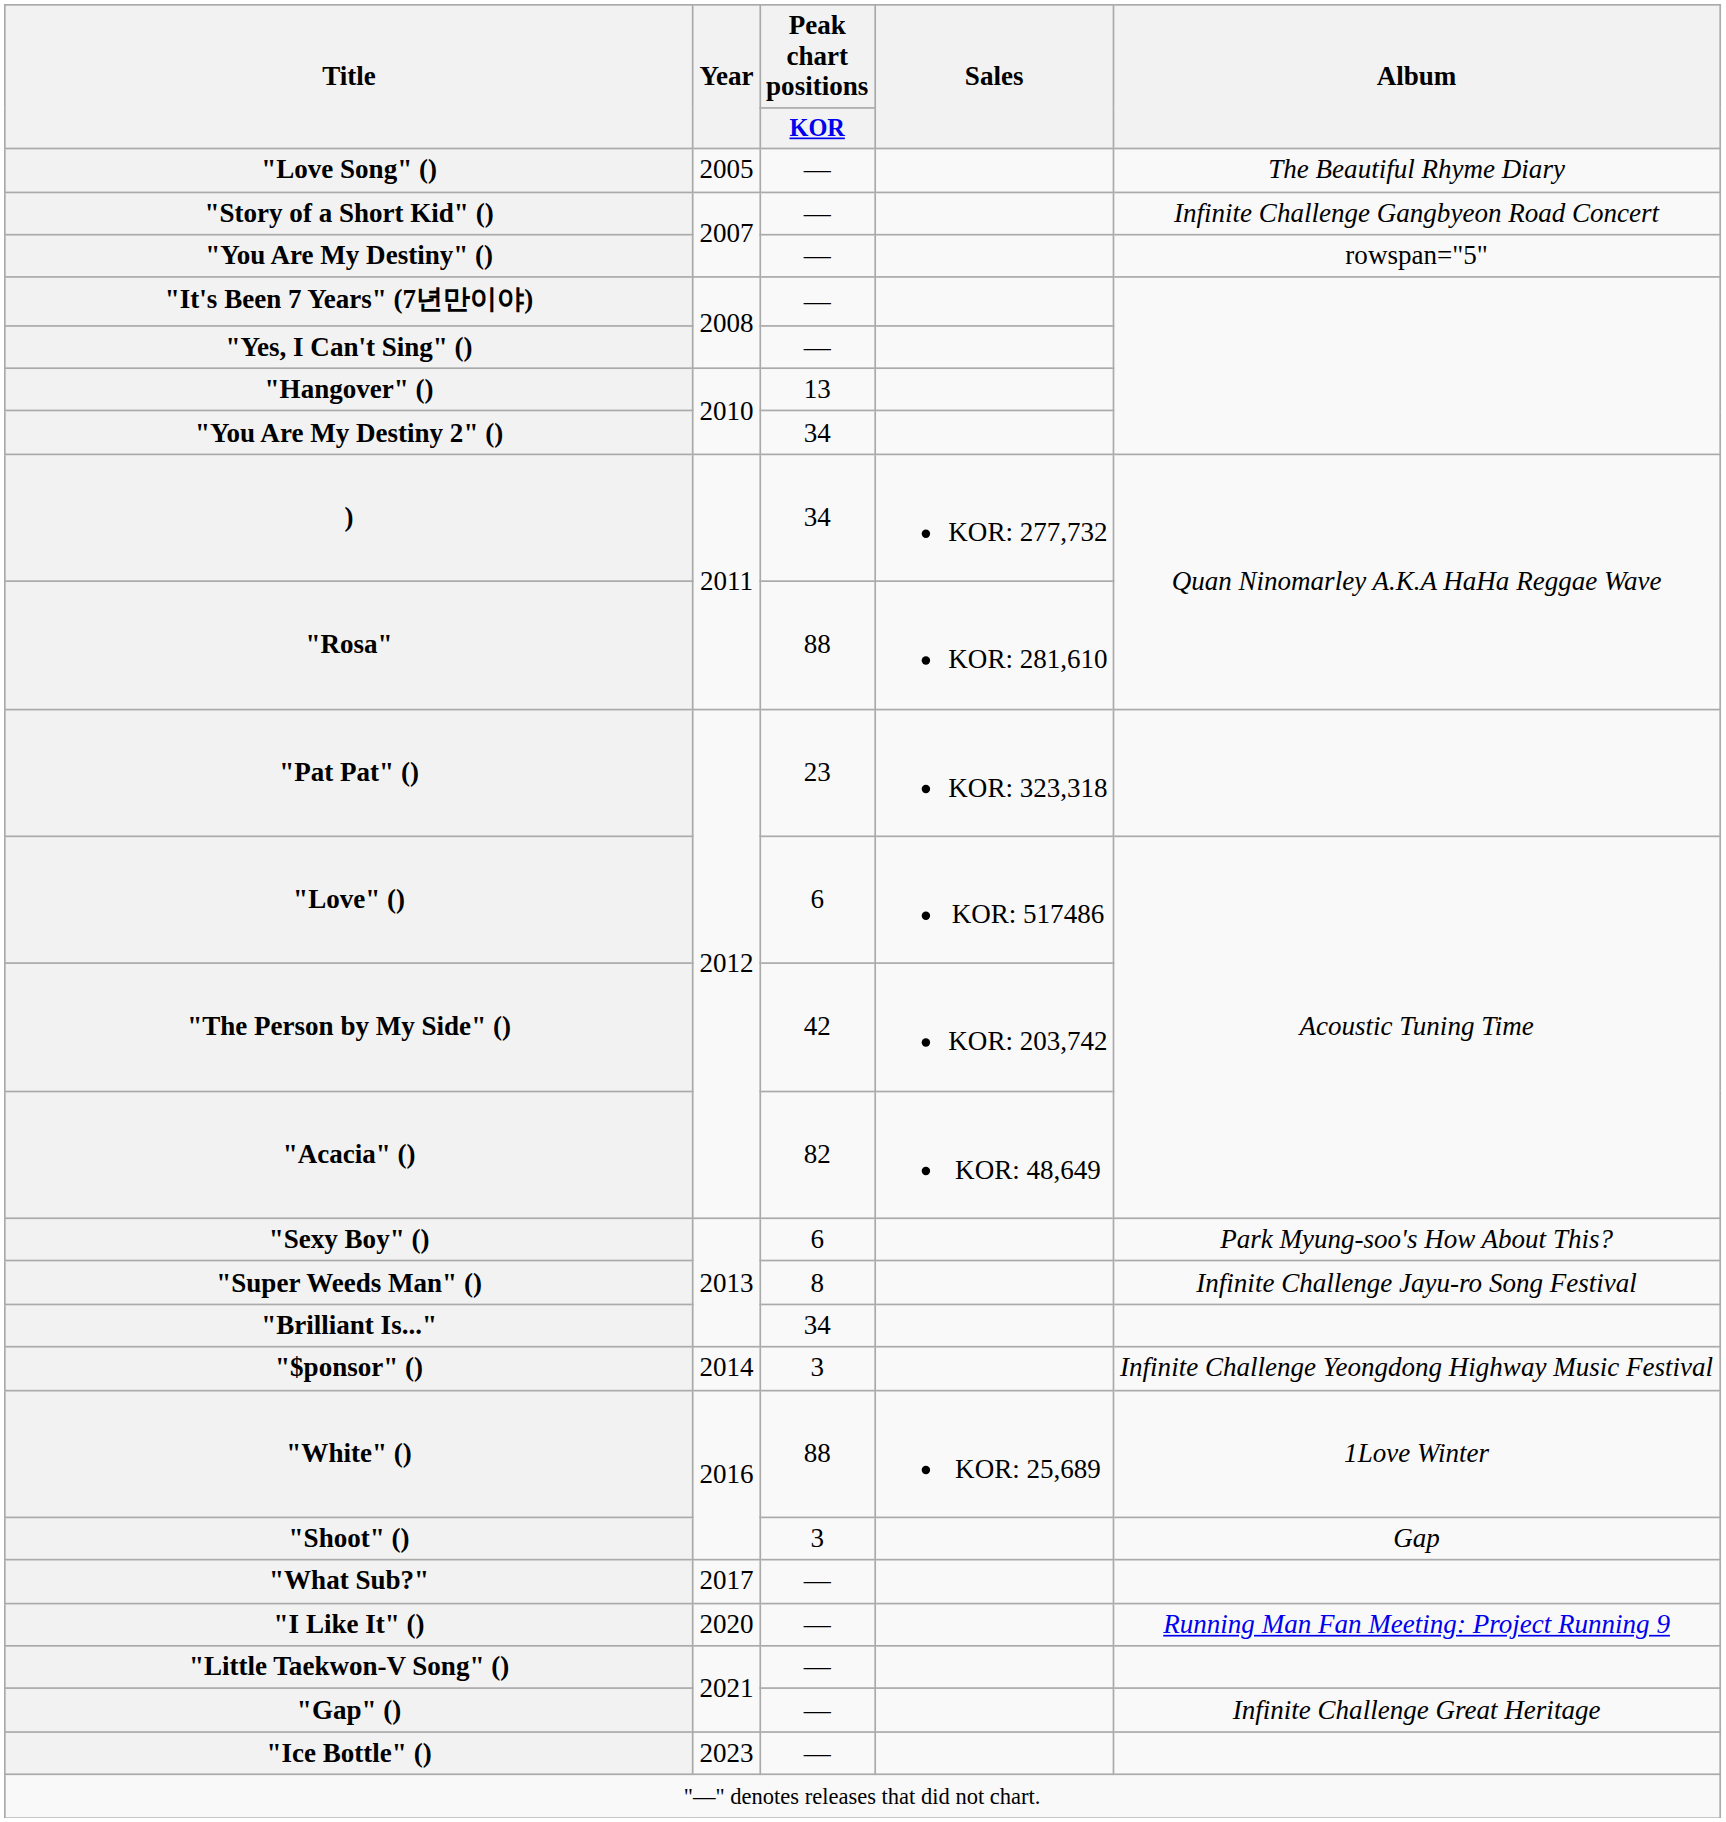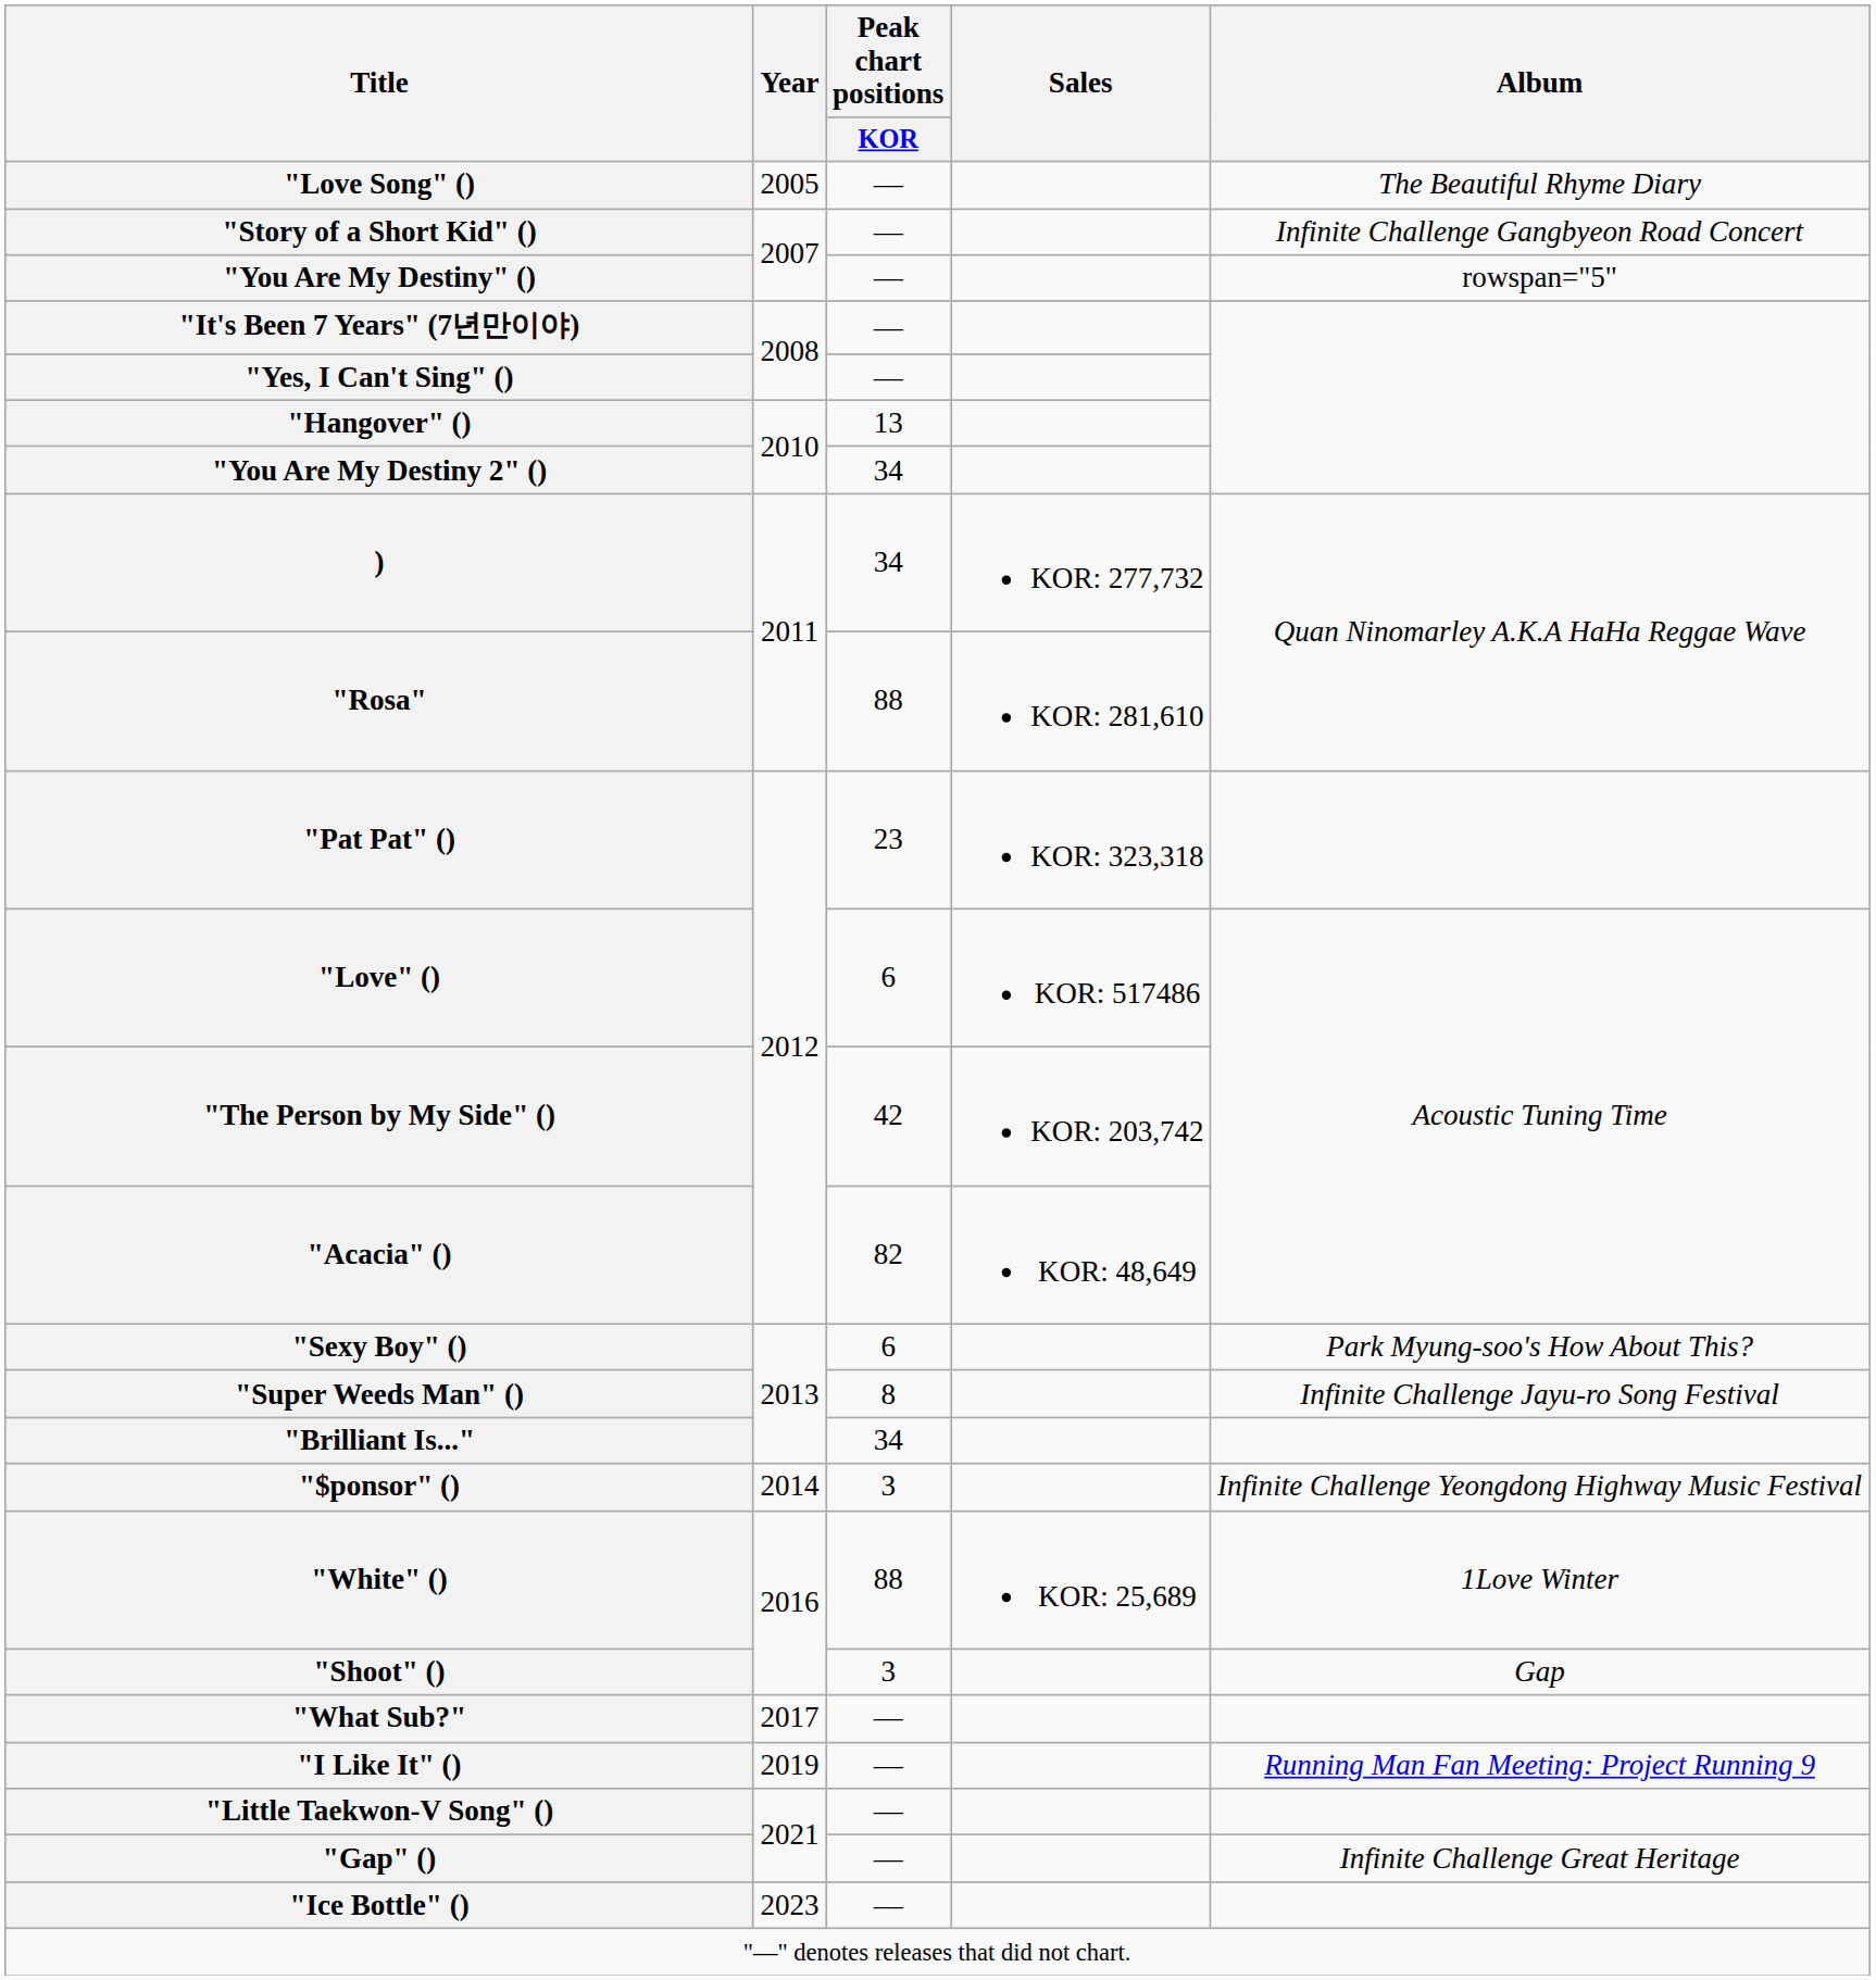 <table class="wikitable plainrowheaders" style="text-align:center;">
 <tr>
 <th scope="col" rowspan="2" style="width:25em;">Title</th>
 <th scope="col" rowspan="2">Year</th>
 <th scope="col">Peak chart positions</th>
 <th scope="col" rowspan="2">Sales</th>
 <th scope="col" rowspan="2">Album</th>
 </tr>
 <tr>
 <th scope="col" style="width:2.5em;font-size:90%;"><a href='#'>KOR</a><br></th>
 </tr>
 <tr>
 <th scope="row">"Love Song" ()</th>
 <td>2005</td>
 <td>—</td>
 <td></td>
 <td><em>The Beautiful Rhyme Diary</em></td>
 </tr>
 <tr>
 <th scope="row">"Story of a Short Kid" ()</th>
 <td rowspan="2">2007</td>
 <td>—</td>
 <td></td>
 <td><em>Infinite Challenge Gangbyeon Road Concert</em></td>
 </tr>
 <tr>
 <th scope="row">"You Are My Destiny" ()</th>
 <td>—</td>
 <td></td>
 <td>rowspan="5" </td>
 </tr>
 <tr>
 <th scope="row">"It's Been 7 Years" (7년만이야) </th>
 <td rowspan="2">2008</td>
 <td>—</td>
 <td></td>
 </tr>
 <tr>
 <th scope="row">"Yes, I Can't Sing" ()</th>
 <td>—</td>
 <td></td>
 </tr>
 <tr>
 <th scope="row">"Hangover" () </th>
 <td rowspan="2">2010</td>
 <td>13</td>
 <td></td>
 </tr>
 <tr>
 <th scope="row">"You Are My Destiny 2" ()</th>
 <td>34</td>
 <td></td>
 </tr>
 <tr>
 <th scope="row">) </th>
 <td rowspan="2">2011</td>
 <td>34</td>
 <td><br><ul><li>KOR: 277,732</li></ul></td>
 <td rowspan="2"><em>Quan Ninomarley A.K.A HaHa Reggae Wave</em></td>
 </tr>
 <tr>
 <th scope="row">"Rosa"</th>
 <td>88</td>
 <td><br><ul><li>KOR: 281,610</li></ul></td>
 </tr>
 <tr>
 <th scope="row">"Pat Pat" () </th>
 <td rowspan="4">2012</td>
 <td>23</td>
 <td><br><ul><li>KOR: 323,318</li></ul></td>
 <td></td>
 </tr>
 <tr>
 <th scope="row">"Love" () </th>
 <td>6</td>
 <td><br><ul><li>KOR: 517486</li></ul></td>
 <td rowspan="3"><em>Acoustic Tuning Time</em></td>
 </tr>
 <tr>
 <th scope="row">"The Person by My Side" () </th>
 <td>42</td>
 <td><br><ul><li>KOR: 203,742</li></ul></td>
 </tr>
 <tr>
 <th scope="row">"Acacia" () </th>
 <td>82</td>
 <td><br><ul><li>KOR: 48,649</li></ul></td>
 </tr>
 <tr>
 <th scope="row">"Sexy Boy" () </th>
 <td rowspan="3">2013</td>
 <td>6</td>
 <td></td>
 <td><em>Park Myung-soo's How About This?</em></td>
 </tr>
 <tr>
 <th scope="row">"Super Weeds Man" () </th>
 <td>8</td>
 <td></td>
 <td><em>Infinite Challenge Jayu-ro Song Festival</em></td>
 </tr>
 <tr>
 <th scope="row">"Brilliant Is..." </th>
 <td>34</td>
 <td></td>
 <td></td>
 </tr>
 <tr>
 <th scope="row">"$ponsor" () </th>
 <td>2014</td>
 <td>3</td>
 <td></td>
 <td><em>Infinite Challenge Yeongdong Highway Music Festival</em></td>
 </tr>
 <tr>
 <th scope="row">"White" () </th>
 <td rowspan="2">2016</td>
 <td>88</td>
 <td><br><ul><li>KOR: 25,689</li></ul></td>
 <td><em>1Love Winter</em></td>
 </tr>
 <tr>
 <th scope="row">"Shoot" () </th>
 <td>3</td>
 <td></td>
 <td><em>Gap</em></td>
 </tr>
 <tr>
 <th scope="row">"What Sub?" </th>
 <td>2017</td>
 <td>—</td>
 <td></td>
 <td></td>
 </tr>
 <tr>
 <th scope="row">"I Like It" () </th>
-<td>2020</td>
+<td>2019</td>
 <td>—</td>
 <td></td>
 <td><em><a href='#'>Running Man Fan Meeting: Project Running 9</a></em></td>
 </tr>
 <tr>
 <th scope="row">"Little Taekwon-V Song" () </th>
 <td rowspan="2">2021</td>
 <td>—</td>
 <td></td>
 <td></td>
 </tr>
 <tr>
 <th scope="row">"Gap" ()</th>
 <td>—</td>
 <td></td>
 <td><em>Infinite Challenge Great Heritage</em></td>
 </tr>
 <tr>
 <th scope="row">"Ice Bottle" () </th>
 <td>2023</td>
 <td>—</td>
 <td></td>
 <td></td>
 </tr>
 <tr>
 <td colspan="5" style="text-align:center;"><small>"—" denotes releases that did not chart.</small></td>
 </tr>
 </table>
